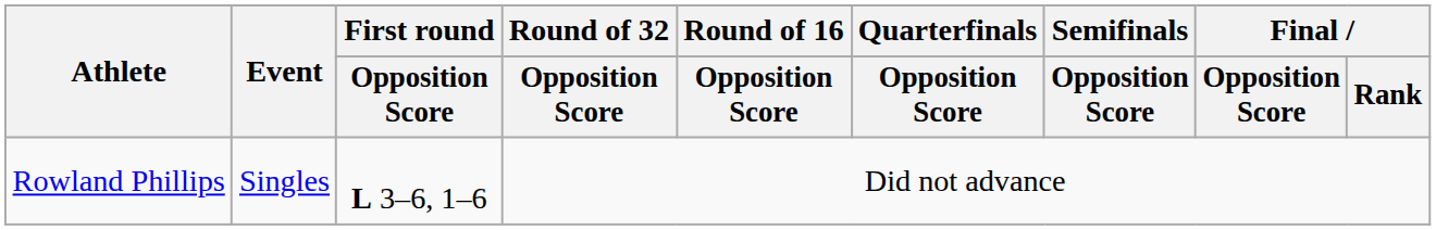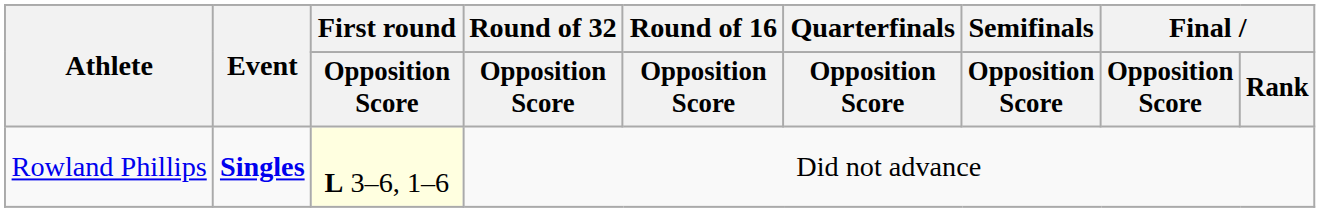 <table class=wikitable style="font-size:90%">
 <tr>
 <th rowspan="2">Athlete</th>
 <th rowspan="2">Event</th>
 <th>First round</th>
 <th>Round of 32</th>
 <th>Round of 16</th>
 <th>Quarterfinals</th>
 <th>Semifinals</th>
 <th colspan=2>Final / </th>
 </tr>
 <tr style="font-size:95%">
 <th>Opposition<br>Score</th>
 <th>Opposition<br>Score</th>
 <th>Opposition<br>Score</th>
 <th>Opposition<br>Score</th>
 <th>Opposition<br>Score</th>
 <th>Opposition<br>Score</th>
 <th>Rank</th>
 </tr>
 <tr align=center>
 <td align=left><a href='#'>Rowland Phillips</a></td>
-<td align=left><a href='#'>Singles</a></td>
-<td><br><strong>L</strong> 3–6, 1–6</td>
+<td align=left><strong><a href='#'>Singles</a></strong></td>
+<td style="background: lightyellow;"><br><strong>L</strong> 3–6, 1–6</td>
 <td align=center colspan=7>Did not advance</td>
 </tr>
 </table>
